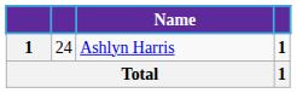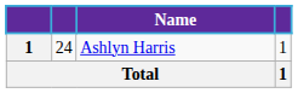 <table class="wikitable" style="text-align:center;">
 <tr>
 <th style="background:#5E299A; color:white; border:2px solid #3aadd9; width:35px;"></th>
 <th style="background:#5E299A; color:white; border:2px solid #3aadd9; width=35px"></th>
 <th scope="col" style="background:#5E299A; color:white; border:2px solid #3aadd9; width:180px;"><strong>Name</strong></th>
 <th style="background:#5E299A; color:white; border:2px solid #3aadd9; width=80;"></th>
 </tr>
 <tr>
 <th>1</th>
 <td>24</td>
 <td align="left"> <a href='#'>Ashlyn Harris</a></td>
-<td><strong>1</strong></td>
+<td>1</td>
 </tr>
 <tr>
 <th colspan="3">Total</th>
 <th>1</th>
 </tr>
 </table>
